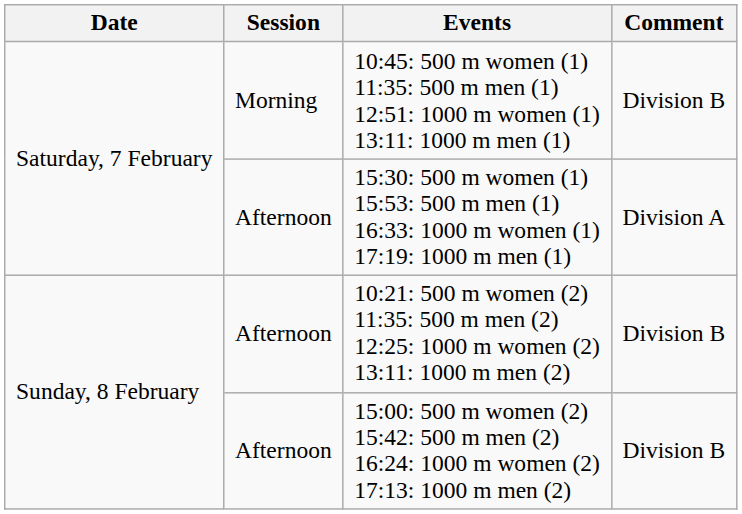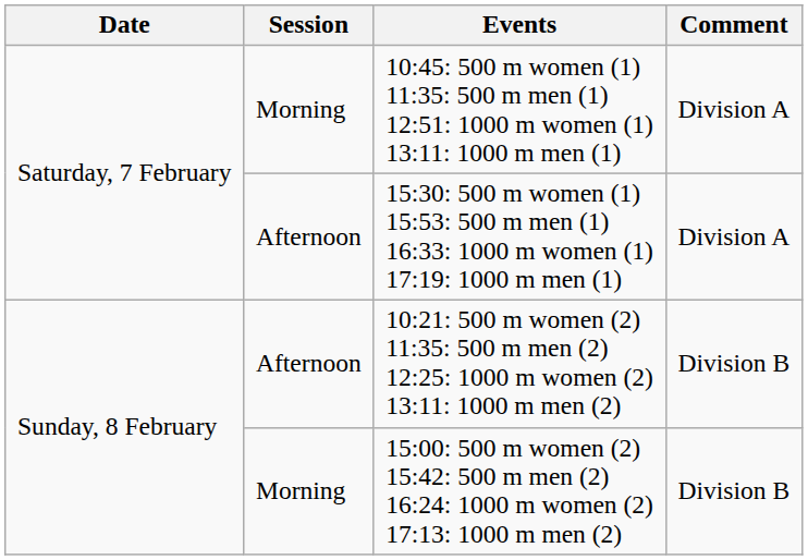 <table class="wikitable" border="1">
 <tr>
 <th> Date </th>
 <th> Session </th>
 <th> Events </th>
 <th> Comment </th>
 </tr>
 <tr>
 <td rowspan=2> Saturday, 7 February </td>
 <td> Morning </td>
 <td> 10:45: 500 m women (1) <br> 11:35: 500 m men (1) <br> 12:51: 1000 m women (1) <br> 13:11: 1000 m men (1) </td>
-<td> Division B </td>
+<td> Division A </td>
 </tr>
 <tr>
 <td> Afternoon </td>
 <td> 15:30: 500 m women (1) <br> 15:53: 500 m men (1) <br> 16:33: 1000 m women (1) <br> 17:19: 1000 m men (1) </td>
 <td> Division A </td>
 </tr>
 <tr>
 <td rowspan=2> Sunday, 8 February </td>
 <td> Afternoon </td>
 <td> 10:21: 500 m women (2) <br> 11:35: 500 m men (2) <br> 12:25: 1000 m women (2) <br> 13:11: 1000 m men (2) </td>
 <td> Division B </td>
 </tr>
 <tr>
-<td> Afternoon </td>
+<td> Morning </td>
 <td> 15:00: 500 m women (2) <br> 15:42: 500 m men (2) <br> 16:24: 1000 m women (2) <br> 17:13: 1000 m men (2) </td>
 <td> Division B </td>
 </tr>
 </table>
